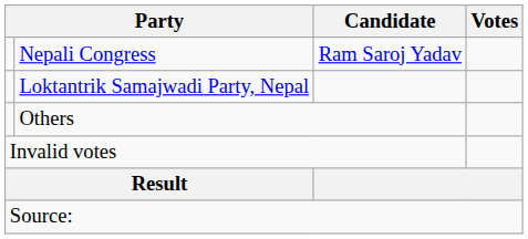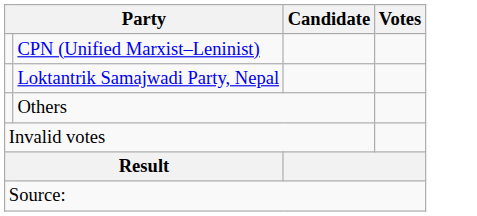 <table class="wikitable">
 <tr>
 <th colspan="2">Party</th>
 <th>Candidate</th>
 <th>Votes</th>
 </tr>
 <tr>
 <td style="background-color:"></td>
-<td><a href='#'>Nepali Congress</a></td>
-<td><a href='#'>Ram Saroj Yadav</a></td>
+<td><a href='#'>CPN (Unified Marxist–Leninist)</a></td>
+<td></td>
 <td></td>
 </tr>
 <tr>
 <td style="background-color:"></td>
 <td><a href='#'>Loktantrik Samajwadi Party, Nepal</a></td>
 <td></td>
 <td></td>
 </tr>
 <tr>
 <td></td>
 <td colspan="2">Others</td>
 <td></td>
 </tr>
 <tr>
 <td colspan="3">Invalid votes</td>
 <td></td>
 </tr>
 <tr>
 <th colspan="2">Result</th>
 <th colspan="2"></th>
 </tr>
 <tr>
 <td colspan="4">Source: </td>
 </tr>
 </table>
